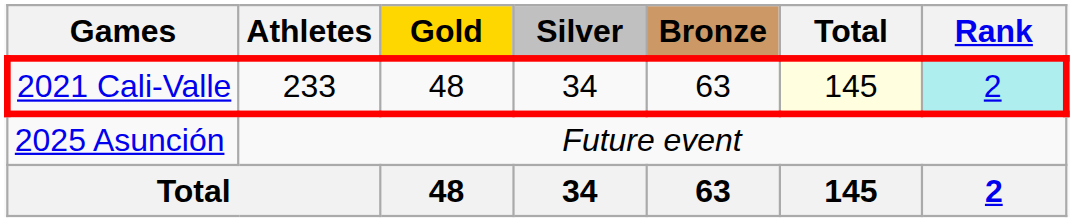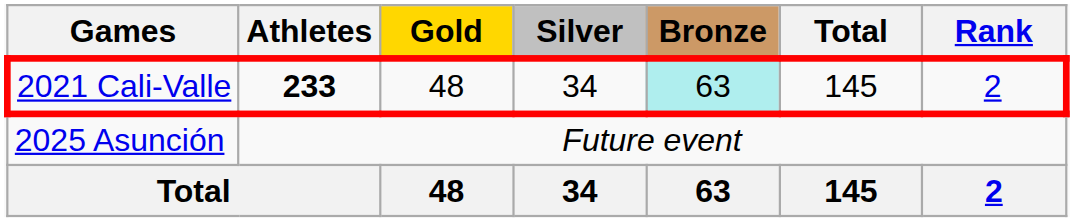 <table class="wikitable" style="text-align:center; font-size:90%;">
 <tr>
 <th>Games</th>
 <th>Athletes</th>
 <td style="background:gold; width:3.7em; font-weight:bold;">Gold</td>
 <td style="background:silver; width:3.7em; font-weight:bold;">Silver</td>
 <td style="background:#cc9966; width:3.7em; font-weight:bold;">Bronze</td>
 <th style="width:4em; font-weight:bold;">Total</th>
 <th style="width:4em; font-weight:bold;"><a href='#'>Rank</a></th>
 </tr>
 <tr style="border: 3px solid red">
 <td align=left> <a href='#'>2021 Cali-Valle</a></td>
-<td>233</td>
+<td><strong>233</strong></td>
 <td>48</td>
 <td>34</td>
-<td>63</td>
-<td style="background: lightyellow;">145</td>
-<td style="background: paleturquoise;"><a href='#'>2</a></td>
+<td style="background: paleturquoise;">63</td>
+<td>145</td>
+<td><a href='#'>2</a></td>
 </tr>
 <tr>
 <td align=left> <a href='#'>2025 Asunción</a></td>
 <td colspan=7; rowspan=1><em>Future event</em></td>
 </tr>
 <tr>
 <th colspan=2>Total</th>
 <th>48</th>
 <th>34</th>
 <th>63</th>
 <th>145</th>
 <th><a href='#'>2</a></th>
 </tr>
 </table>
